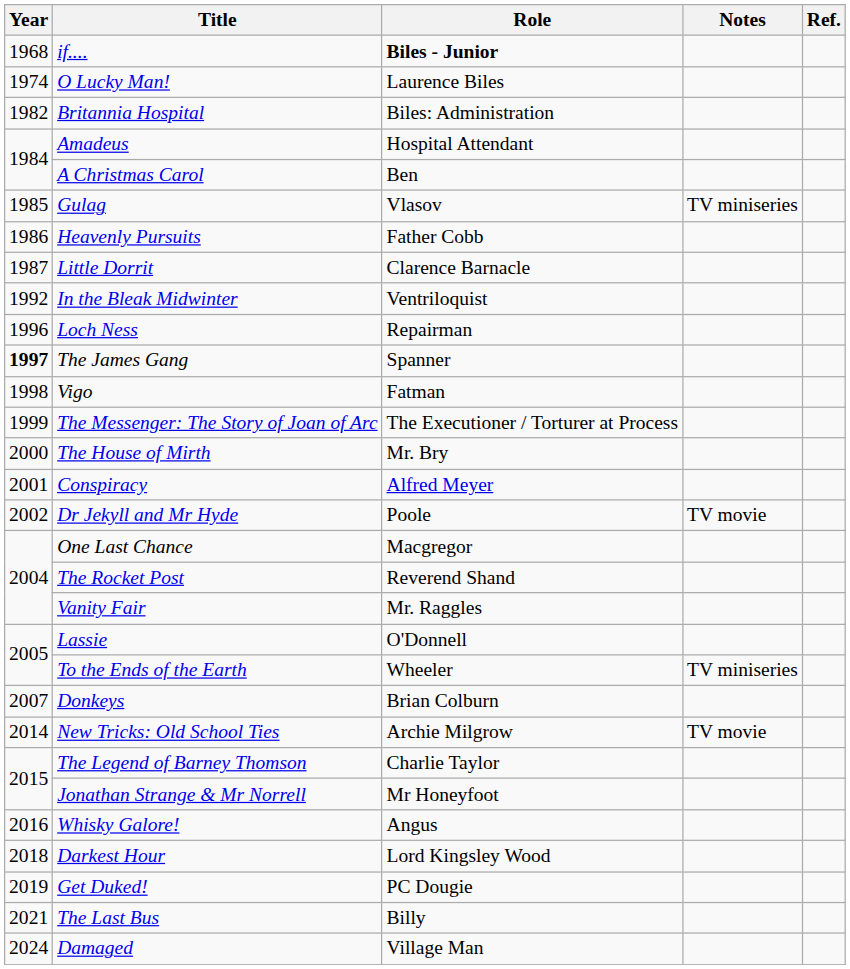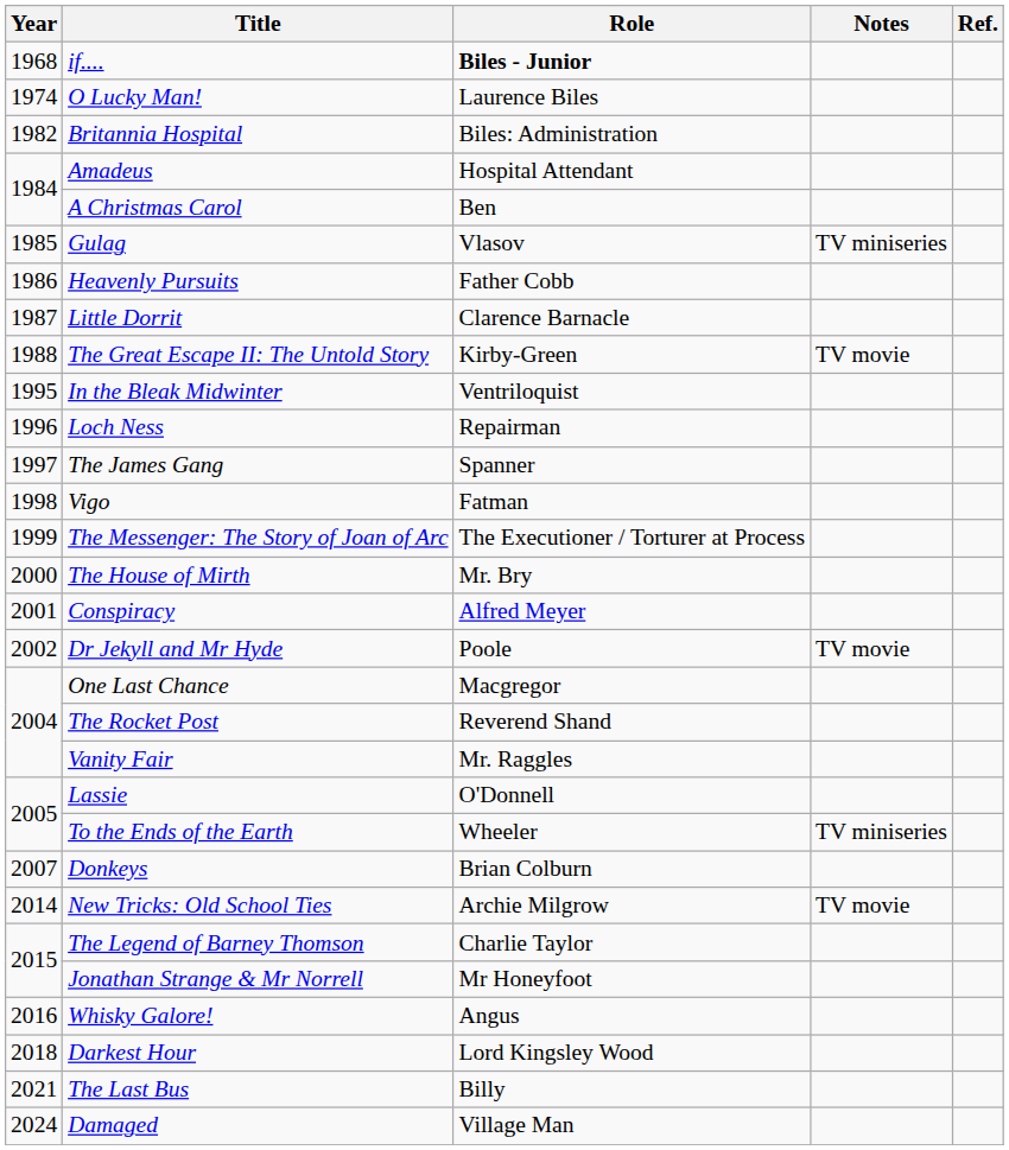 <table class="wikitable">
 <tr>
 <th>Year</th>
 <th>Title</th>
 <th>Role</th>
 <th>Notes</th>
 <th>Ref.</th>
 </tr>
 <tr>
 <td>1968</td>
 <td><em><a href='#'>if....</a></em></td>
 <td><strong>Biles - Junior</strong></td>
 <td></td>
 <td></td>
 </tr>
 <tr>
 <td>1974</td>
 <td><em><a href='#'>O Lucky Man!</a></em></td>
 <td>Laurence Biles</td>
 <td></td>
 <td></td>
 </tr>
 <tr>
 <td>1982</td>
 <td><em><a href='#'>Britannia Hospital</a></em></td>
 <td>Biles: Administration</td>
 <td></td>
 <td></td>
 </tr>
 <tr>
 <td rowspan="2">1984</td>
 <td><em><a href='#'>Amadeus</a></em></td>
 <td>Hospital Attendant</td>
 <td></td>
 <td></td>
 </tr>
 <tr>
 <td><em><a href='#'>A Christmas Carol</a></em></td>
 <td>Ben</td>
 <td></td>
 <td></td>
 </tr>
 <tr>
 <td>1985</td>
 <td><em><a href='#'>Gulag</a></em></td>
 <td>Vlasov</td>
 <td>TV miniseries</td>
 <td></td>
 </tr>
 <tr>
 <td>1986</td>
 <td><em><a href='#'>Heavenly Pursuits</a></em></td>
 <td>Father Cobb</td>
 <td></td>
 <td></td>
 </tr>
 <tr>
 <td>1987</td>
 <td><em><a href='#'>Little Dorrit</a></em></td>
 <td>Clarence Barnacle</td>
 <td></td>
 <td></td>
 </tr>
 <tr>
-<td>1992</td>
+<td>1988</td>
+<td><em><a href='#'>The Great Escape II: The Untold Story</a></em></td>
+<td>Kirby-Green</td>
+<td>TV movie</td>
+<td></td>
+</tr>
+<tr>
+<td>1995</td>
 <td><em><a href='#'>In the Bleak Midwinter</a></em></td>
 <td>Ventriloquist</td>
 <td></td>
 <td></td>
 </tr>
 <tr>
 <td>1996</td>
 <td><em><a href='#'>Loch Ness</a></em></td>
 <td>Repairman</td>
 <td></td>
 <td></td>
 </tr>
 <tr>
-<td><strong>1997</strong></td>
+<td>1997</td>
 <td><em>The James Gang</em></td>
 <td>Spanner</td>
 <td></td>
 <td></td>
 </tr>
 <tr>
 <td>1998</td>
 <td><em>Vigo</em></td>
 <td>Fatman</td>
 <td></td>
 <td></td>
 </tr>
 <tr>
 <td>1999</td>
 <td><em><a href='#'>The Messenger: The Story of Joan of Arc</a></em></td>
 <td>The Executioner / Torturer at Process</td>
 <td></td>
 <td></td>
 </tr>
 <tr>
 <td>2000</td>
 <td><em><a href='#'>The House of Mirth</a></em></td>
 <td>Mr. Bry</td>
 <td></td>
 <td></td>
 </tr>
 <tr>
 <td>2001</td>
 <td><em><a href='#'>Conspiracy</a></em></td>
 <td><a href='#'>Alfred Meyer</a></td>
 <td></td>
 <td></td>
 </tr>
 <tr>
 <td>2002</td>
 <td><em><a href='#'>Dr Jekyll and Mr Hyde</a></em></td>
 <td>Poole</td>
 <td>TV movie</td>
 <td></td>
 </tr>
 <tr>
 <td rowspan="3">2004</td>
 <td><em>One Last Chance</em></td>
 <td>Macgregor</td>
 <td></td>
 <td></td>
 </tr>
 <tr>
 <td><em><a href='#'>The Rocket Post</a></em></td>
 <td>Reverend Shand</td>
 <td></td>
 <td></td>
 </tr>
 <tr>
 <td><em><a href='#'>Vanity Fair</a></em></td>
 <td>Mr. Raggles</td>
 <td></td>
 <td></td>
 </tr>
 <tr>
 <td rowspan="2">2005</td>
 <td><em><a href='#'>Lassie</a></em></td>
 <td>O'Donnell</td>
 <td></td>
 <td></td>
 </tr>
 <tr>
 <td><em><a href='#'>To the Ends of the Earth</a></em></td>
 <td>Wheeler</td>
 <td>TV miniseries</td>
 <td></td>
 </tr>
 <tr>
 <td>2007</td>
 <td><em><a href='#'>Donkeys</a></em></td>
 <td>Brian Colburn</td>
 <td></td>
 <td></td>
 </tr>
 <tr>
 <td>2014</td>
 <td><em><a href='#'>New Tricks: Old School Ties</a></em></td>
 <td>Archie Milgrow</td>
 <td>TV movie</td>
 <td></td>
 </tr>
 <tr>
 <td rowspan="2">2015</td>
 <td><em><a href='#'>The Legend of Barney Thomson</a></em></td>
 <td>Charlie Taylor</td>
 <td></td>
 <td></td>
 </tr>
 <tr>
 <td><em><a href='#'>Jonathan Strange & Mr Norrell</a></em></td>
 <td>Mr Honeyfoot</td>
 <td></td>
 <td></td>
 </tr>
 <tr>
 <td>2016</td>
 <td><em><a href='#'>Whisky Galore!</a></em></td>
 <td>Angus</td>
 <td></td>
 <td></td>
 </tr>
 <tr>
 <td>2018</td>
 <td><em><a href='#'>Darkest Hour</a></em></td>
 <td>Lord Kingsley Wood</td>
 <td></td>
 <td></td>
 </tr>
 <tr>
-<td>2019</td>
-<td><em><a href='#'>Get Duked!</a></em></td>
-<td>PC Dougie</td>
-<td></td>
-<td></td>
-</tr>
-<tr>
 <td>2021</td>
 <td><em><a href='#'>The Last Bus</a></em></td>
 <td>Billy</td>
 <td></td>
 <td></td>
 </tr>
 <tr>
 <td>2024</td>
 <td><em><a href='#'>Damaged</a></em></td>
 <td>Village Man</td>
 <td></td>
 <td></td>
 </tr>
 </table>
